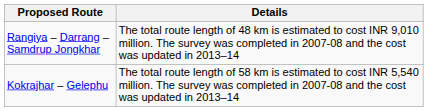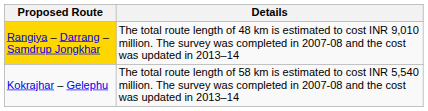 <table class="wikitable">
 <tr>
 <th>Proposed Route</th>
 <th>Details</th>
 </tr>
 <tr>
-<td><a href='#'>Rangiya</a> – <a href='#'>Darrang</a> – <a href='#'>Samdrup Jongkhar</a></td>
+<td style="background: gold;"><a href='#'>Rangiya</a> – <a href='#'>Darrang</a> – <a href='#'>Samdrup Jongkhar</a></td>
 <td>The total route length of 48 km is estimated to cost INR 9,010 million. The survey was completed in 2007-08 and the cost was updated in 2013–14</td>
 </tr>
 <tr>
 <td><a href='#'>Kokrajhar</a> – <a href='#'>Gelephu</a></td>
 <td>The total route length of 58 km is estimated to cost INR 5,540 million. The survey was completed in 2007-08 and the cost was updated in 2013–14</td>
 </tr>
 </table>
